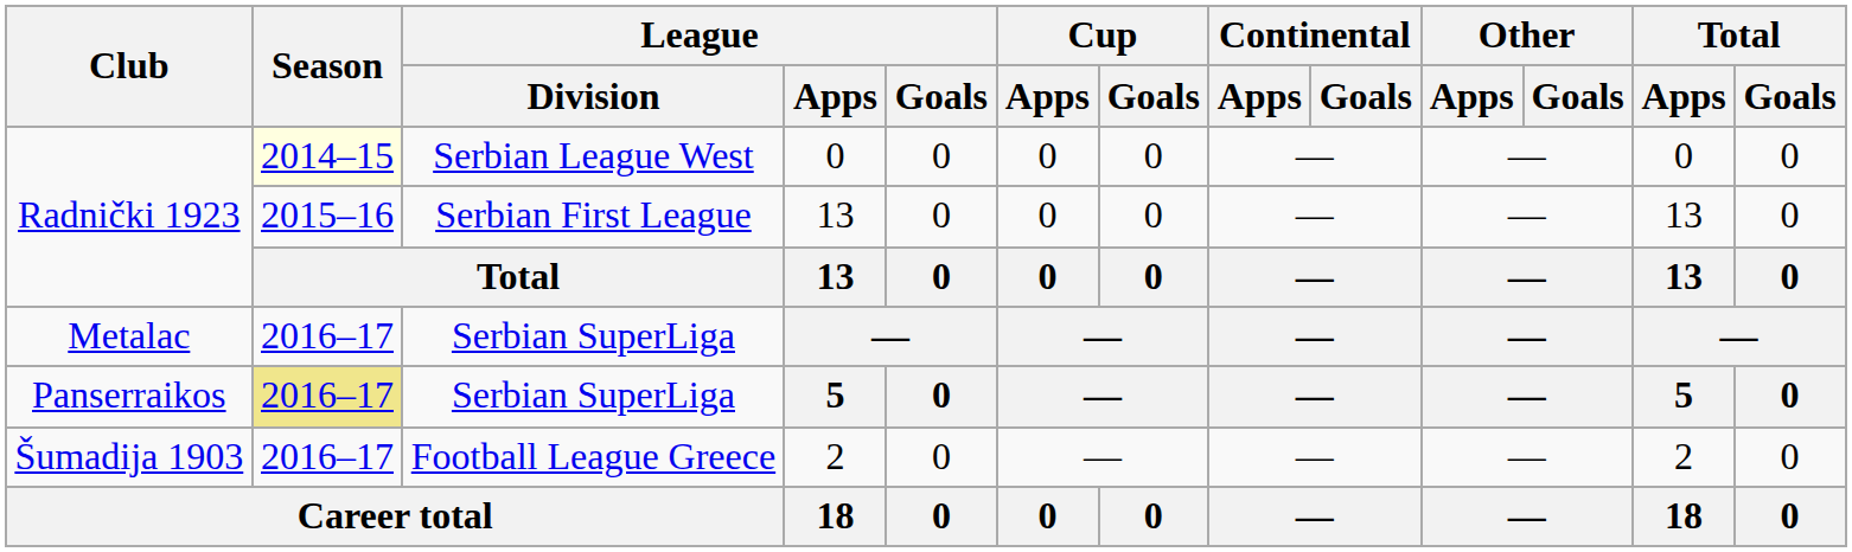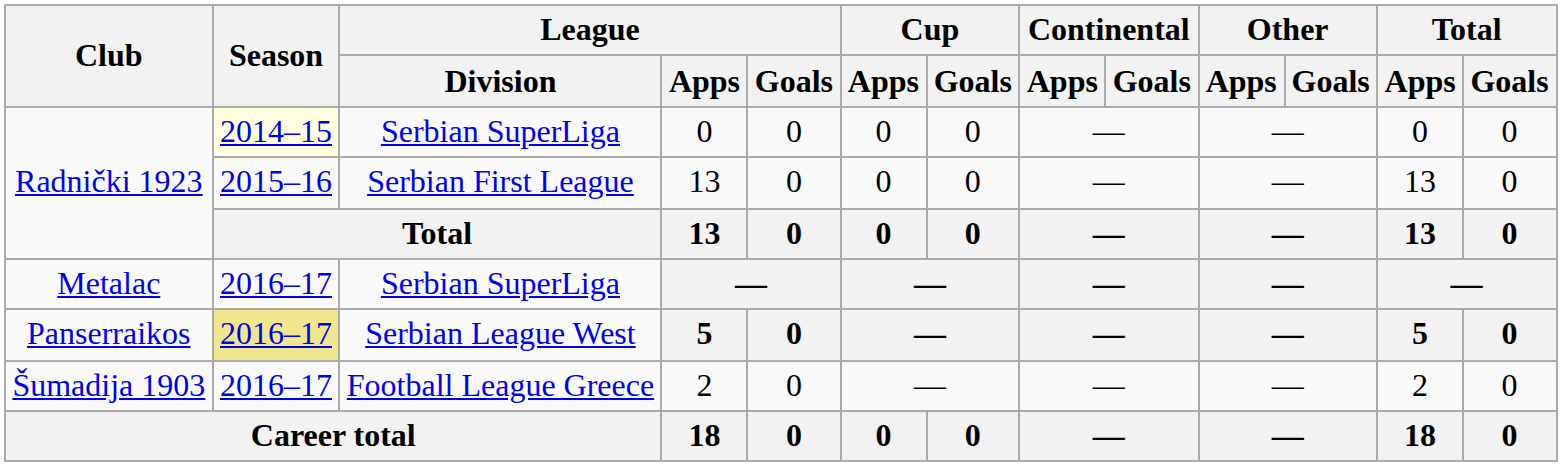 <table class="wikitable" style="text-align:center">
 <tr>
 <th rowspan="2">Club</th>
 <th rowspan="2">Season</th>
 <th colspan="3">League</th>
 <th colspan="2">Cup</th>
 <th colspan="2">Continental</th>
 <th colspan="2">Other</th>
 <th colspan="2">Total</th>
 </tr>
 <tr>
 <th>Division</th>
 <th>Apps</th>
 <th>Goals</th>
 <th>Apps</th>
 <th>Goals</th>
 <th>Apps</th>
 <th>Goals</th>
 <th>Apps</th>
 <th>Goals</th>
 <th>Apps</th>
 <th>Goals</th>
 </tr>
 <tr>
 <td rowspan="3"><a href='#'>Radnički 1923</a></td>
 <td style="background: lightyellow;"><a href='#'>2014–15</a></td>
-<td><a href='#'>Serbian League West</a></td>
+<td><a href='#'>Serbian SuperLiga</a></td>
 <td>0</td>
 <td>0</td>
 <td>0</td>
 <td>0</td>
 <td colspan="2">—</td>
 <td colspan="2">—</td>
 <td>0</td>
 <td>0</td>
 </tr>
 <tr>
 <td><a href='#'>2015–16</a></td>
 <td><a href='#'>Serbian First League</a></td>
 <td>13</td>
 <td>0</td>
 <td>0</td>
 <td>0</td>
 <td colspan="2">—</td>
 <td colspan="2">—</td>
 <td>13</td>
 <td>0</td>
 </tr>
 <tr>
 <th colspan="2">Total</th>
 <th>13</th>
 <th>0</th>
 <th>0</th>
 <th>0</th>
 <th colspan="2">—</th>
 <th colspan="2">—</th>
 <th>13</th>
 <th>0</th>
 </tr>
 <tr>
 <td><a href='#'>Metalac</a></td>
 <td><a href='#'>2016–17</a></td>
 <td><a href='#'>Serbian SuperLiga</a></td>
 <th colspan="2">—</th>
 <th colspan="2">—</th>
 <th colspan="2">—</th>
 <th colspan="2">—</th>
 <th colspan="2">—</th>
 </tr>
 <tr>
 <td><a href='#'>Panserraikos</a></td>
 <td style="background: khaki;"><a href='#'>2016–17</a></td>
-<td><a href='#'>Serbian SuperLiga</a></td>
+<td><a href='#'>Serbian League West</a></td>
 <th>5</th>
 <th>0</th>
 <th colspan="2">—</th>
 <th colspan="2">—</th>
 <th colspan="2">—</th>
 <th>5</th>
 <th>0</th>
 </tr>
 <tr>
 <td><a href='#'>Šumadija 1903</a></td>
 <td><a href='#'>2016–17</a></td>
 <td><a href='#'>Football League Greece</a></td>
 <td>2</td>
 <td>0</td>
 <td colspan="2">—</td>
 <td colspan="2">—</td>
 <td colspan="2">—</td>
 <td>2</td>
 <td>0</td>
 </tr>
 <tr>
 <th colspan="3">Career total</th>
 <th>18</th>
 <th>0</th>
 <th>0</th>
 <th>0</th>
 <th colspan="2">—</th>
 <th colspan="2">—</th>
 <th>18</th>
 <th>0</th>
 </tr>
 </table>
